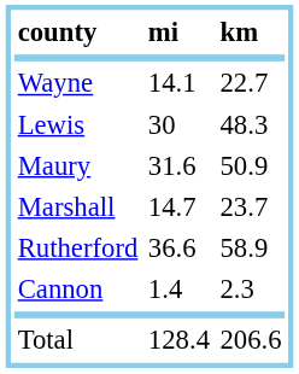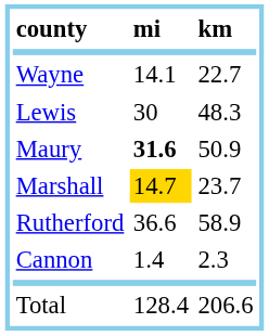 <table cellpadding="2" cellspacing="2" style="margin: 0 0 1em 1em; border:3px solid #87CEEB;">
 <tr>
 <td><strong>county</strong></td>
 <td><strong>mi</strong></td>
 <td><strong>km</strong></td>
 </tr>
 <tr>
 <th bgcolor="#87CEEB" colspan="4"></th>
 </tr>
 <tr>
 <td><a href='#'>Wayne</a></td>
 <td>14.1</td>
 <td>22.7</td>
 </tr>
 <tr>
 <td><a href='#'>Lewis</a></td>
 <td>30</td>
 <td>48.3</td>
 </tr>
 <tr>
 <td><a href='#'>Maury</a></td>
-<td>31.6</td>
+<td><strong>31.6</strong></td>
 <td>50.9</td>
 </tr>
 <tr>
 <td><a href='#'>Marshall</a></td>
-<td>14.7</td>
+<td style="background: gold;">14.7</td>
 <td>23.7</td>
 </tr>
 <tr>
 <td><a href='#'>Rutherford</a></td>
 <td>36.6</td>
 <td>58.9</td>
 </tr>
 <tr>
 <td><a href='#'>Cannon</a></td>
 <td>1.4</td>
 <td>2.3</td>
 </tr>
 <tr>
 <th bgcolor="#87CEEB" colspan="3"></th>
 </tr>
 <tr>
 <td>Total</td>
 <td>128.4</td>
 <td>206.6</td>
 </tr>
 </table>
